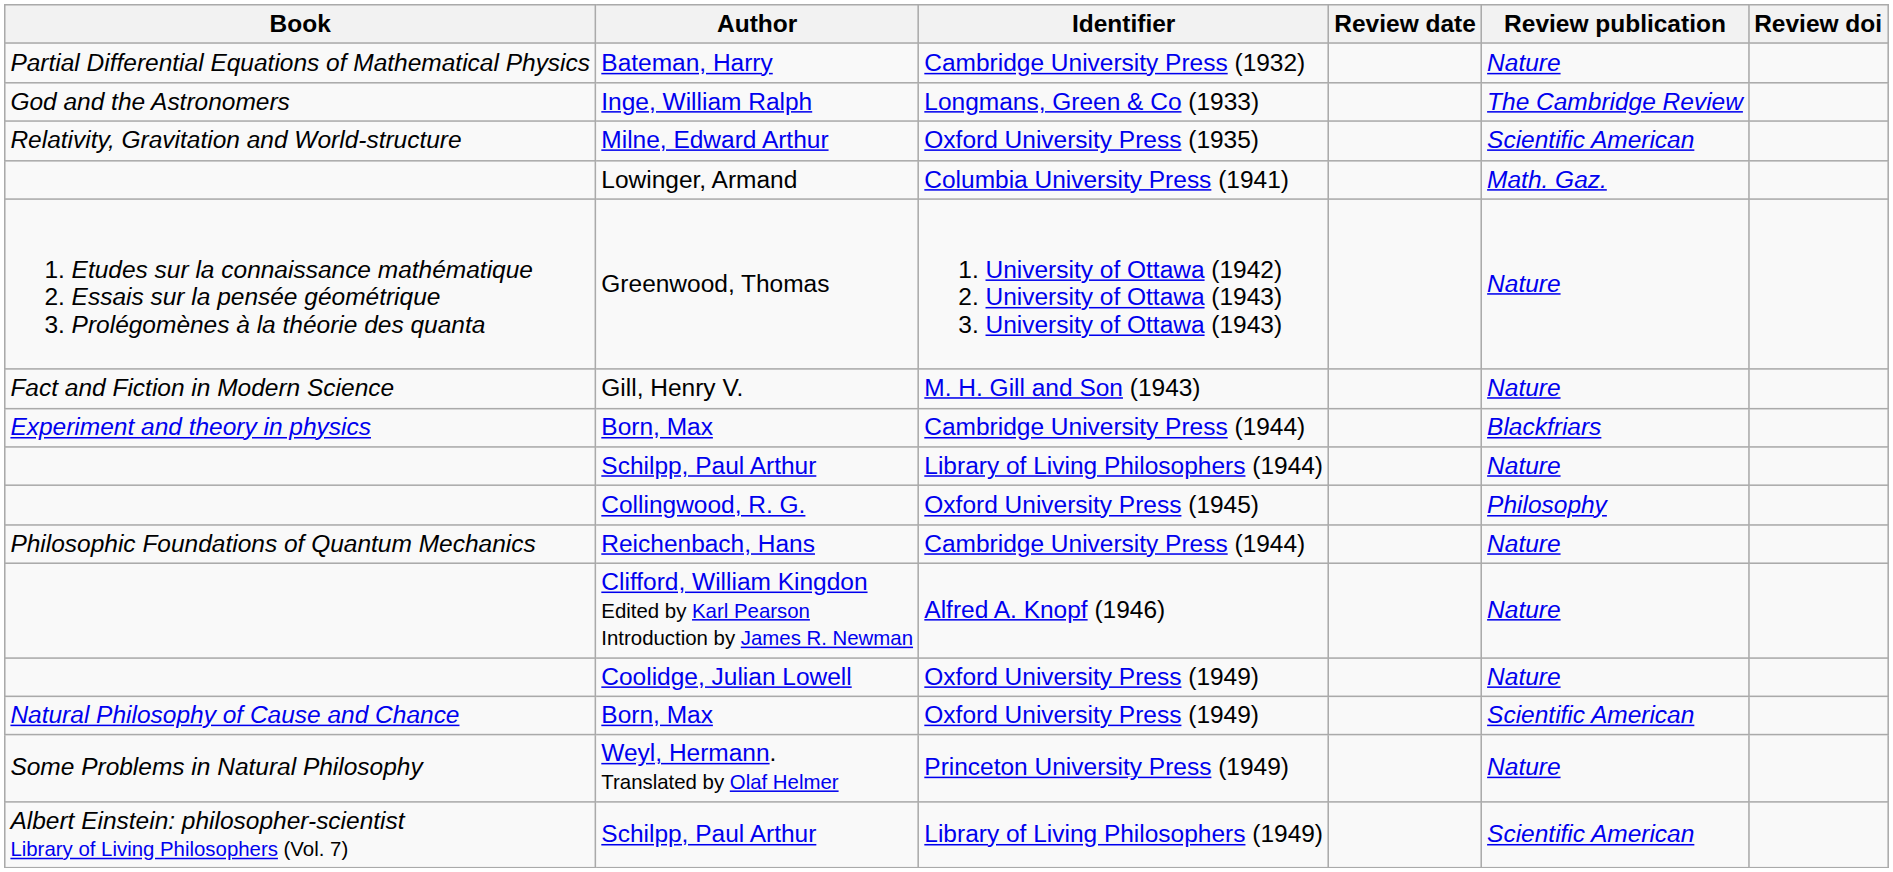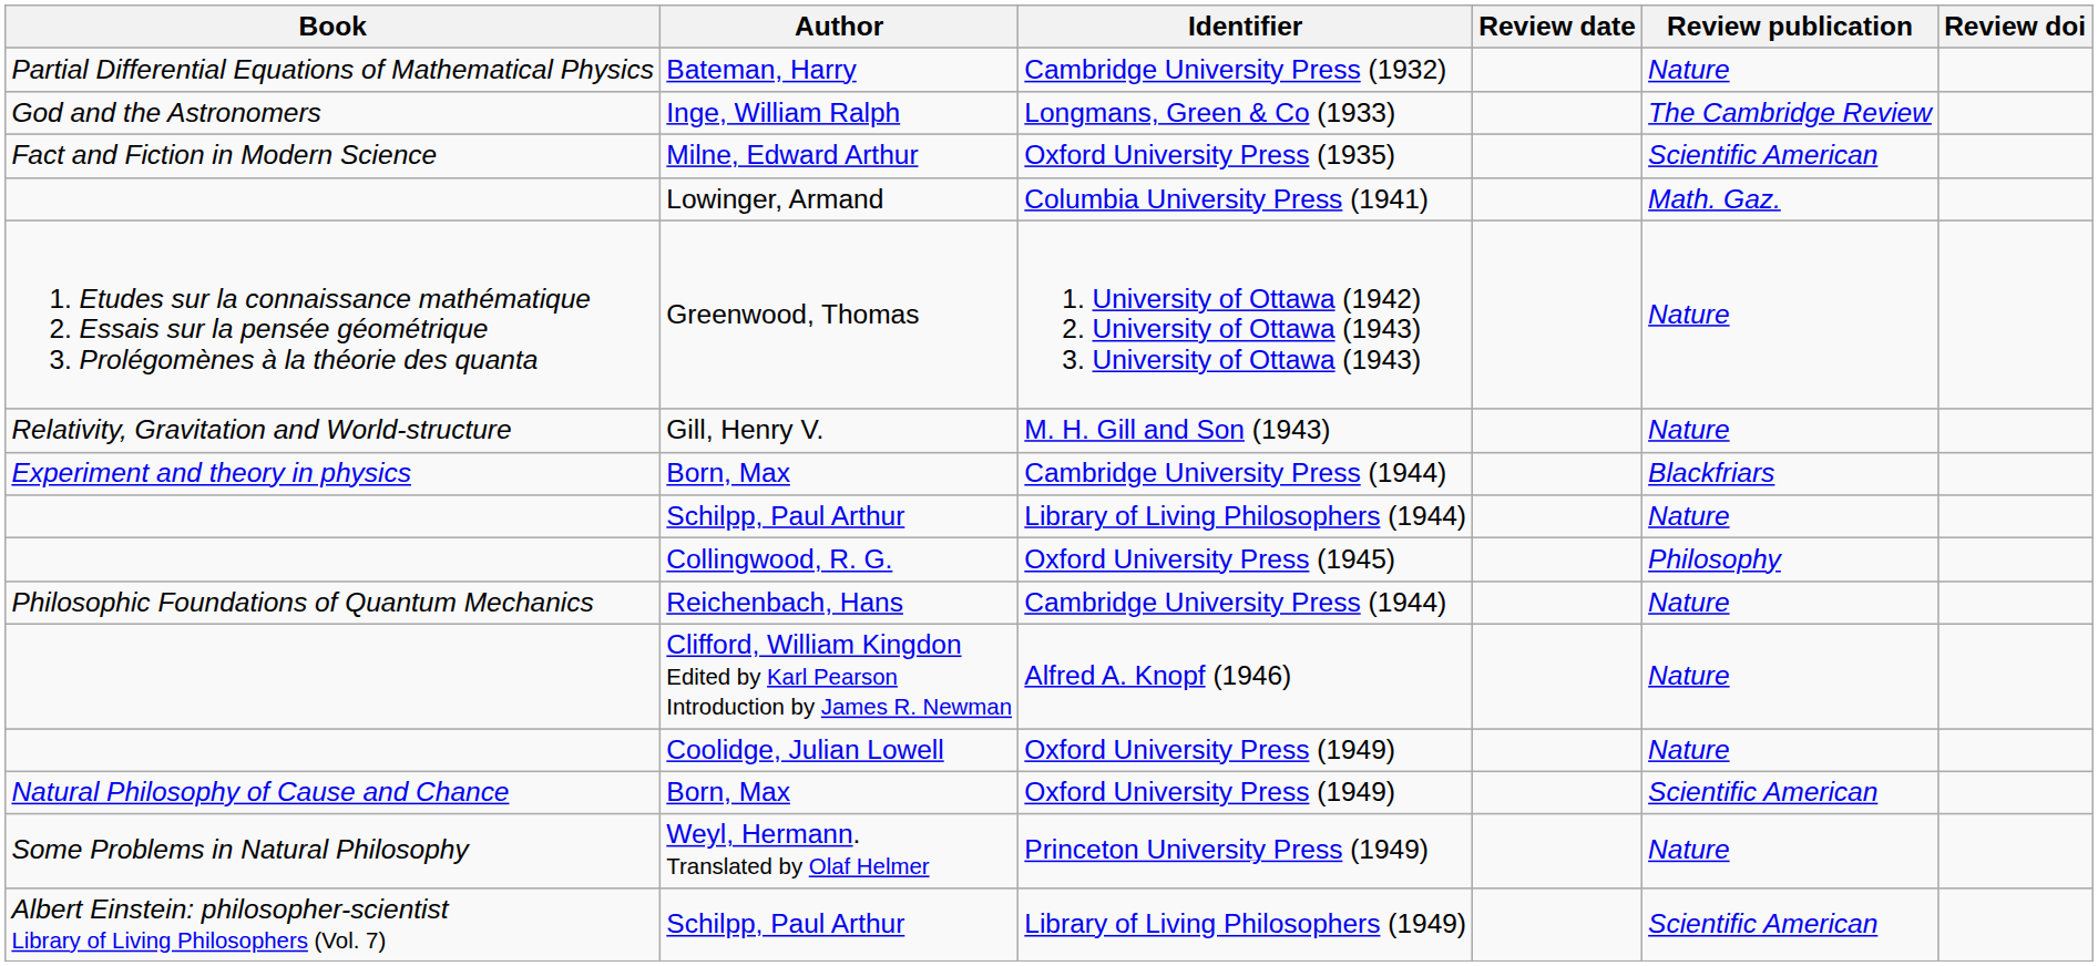 <table class="wikitable sortable" width="auto" style="text-align: left">
 <tr>
 <th>Book</th>
 <th>Author</th>
 <th>Identifier</th>
 <th>Review date</th>
 <th>Review publication</th>
 <th>Review doi</th>
 </tr>
 <tr>
 <td><em>Partial Differential Equations of Mathematical Physics</em></td>
 <td><a href='#'>Bateman, Harry</a></td>
 <td><a href='#'>Cambridge University Press</a> (1932)<br></td>
 <td></td>
 <td><em><a href='#'>Nature</a></em></td>
 <td></td>
 </tr>
 <tr>
 <td><em>God and the Astronomers</em></td>
 <td><a href='#'>Inge, William Ralph</a></td>
 <td><a href='#'>Longmans, Green & Co</a> (1933)<br></td>
 <td></td>
 <td><em><a href='#'>The Cambridge Review</a></em></td>
 <td></td>
 </tr>
 <tr>
-<td><em>Relativity, Gravitation and World-structure</em></td>
+<td><em>Fact and Fiction in Modern Science</em></td>
 <td><a href='#'>Milne, Edward Arthur</a></td>
 <td><a href='#'>Oxford University Press</a> (1935)<br></td>
 <td></td>
 <td><em><a href='#'>Scientific American</a></em></td>
 <td></td>
 </tr>
 <tr>
 <td></td>
 <td>Lowinger, Armand</td>
 <td><a href='#'>Columbia University Press</a> (1941)<br></td>
 <td></td>
 <td><em><a href='#'>Math. Gaz.</a></em></td>
 <td></td>
 </tr>
 <tr>
 <td><br><ol><li><em>Etudes sur la connaissance mathématique</em></li><li><em>Essais sur la pensée géométrique</em></li><li><em>Prolégomènes à la théorie des quanta</em></li></ol></td>
 <td>Greenwood, Thomas</td>
 <td><br><ol><li><a href='#'>University of Ottawa</a> (1942)</li><li><a href='#'>University of Ottawa</a> (1943)</li><li><a href='#'>University of Ottawa</a> (1943)</li></ol></td>
 <td></td>
 <td><em><a href='#'>Nature</a></em></td>
 <td></td>
 </tr>
 <tr>
-<td><em>Fact and Fiction in Modern Science</em></td>
+<td><em>Relativity, Gravitation and World-structure</em></td>
 <td>Gill, Henry V.</td>
 <td><a href='#'>M. H. Gill and Son</a> (1943)<br></td>
 <td></td>
 <td><em><a href='#'>Nature</a></em></td>
 <td></td>
 </tr>
 <tr>
 <td><em><a href='#'>Experiment and theory in physics</a></em></td>
 <td><a href='#'>Born, Max</a></td>
 <td><a href='#'>Cambridge University Press</a> (1944)<br></td>
 <td></td>
 <td><em><a href='#'>Blackfriars</a></em></td>
 <td></td>
 </tr>
 <tr>
 <td></td>
 <td><a href='#'>Schilpp, Paul Arthur</a></td>
 <td><a href='#'>Library of Living Philosophers</a> (1944)<br></td>
 <td></td>
 <td><em><a href='#'>Nature</a></em></td>
 <td></td>
 </tr>
 <tr>
 <td></td>
 <td><a href='#'>Collingwood, R. G.</a></td>
 <td><a href='#'>Oxford University Press</a> (1945)<br></td>
 <td></td>
 <td><em><a href='#'>Philosophy</a></em></td>
 <td></td>
 </tr>
 <tr>
 <td><em>Philosophic Foundations of Quantum Mechanics</em></td>
 <td><a href='#'>Reichenbach, Hans</a></td>
 <td><a href='#'>Cambridge University Press</a> (1944)<br></td>
 <td></td>
 <td><em><a href='#'>Nature</a></em></td>
 <td></td>
 </tr>
 <tr>
 <td></td>
 <td><a href='#'>Clifford, William Kingdon</a><br><small>Edited by <a href='#'>Karl Pearson</a></small><br><small>Introduction by <a href='#'>James R. Newman</a></small></td>
 <td><a href='#'>Alfred A. Knopf</a> (1946)<br></td>
 <td></td>
 <td><em><a href='#'>Nature</a></em></td>
 <td></td>
 </tr>
 <tr>
 <td></td>
 <td><a href='#'>Coolidge, Julian Lowell</a></td>
 <td><a href='#'>Oxford University Press</a> (1949)<br></td>
 <td></td>
 <td><em><a href='#'>Nature</a></em></td>
 <td></td>
 </tr>
 <tr>
 <td><em><a href='#'>Natural Philosophy of Cause and Chance</a></em></td>
 <td><a href='#'>Born, Max</a></td>
 <td><a href='#'>Oxford University Press</a> (1949)<br></td>
 <td></td>
 <td><em><a href='#'>Scientific American</a></em></td>
 <td></td>
 </tr>
 <tr>
 <td><em>Some Problems in Natural Philosophy</em></td>
 <td><a href='#'>Weyl, Hermann</a>.<br><small>Translated by <a href='#'>Olaf Helmer</a></small></td>
 <td><a href='#'>Princeton University Press</a> (1949)<br></td>
 <td></td>
 <td><em><a href='#'>Nature</a></em></td>
 <td></td>
 </tr>
 <tr>
 <td><em>Albert Einstein: philosopher-scientist</em><br><small><a href='#'>Library of Living Philosophers</a> (Vol. 7)</small></td>
 <td><a href='#'>Schilpp, Paul Arthur</a></td>
 <td><a href='#'>Library of Living Philosophers</a> (1949)<br></td>
 <td></td>
 <td><em><a href='#'>Scientific American</a></em></td>
 <td></td>
 </tr>
 </table>
